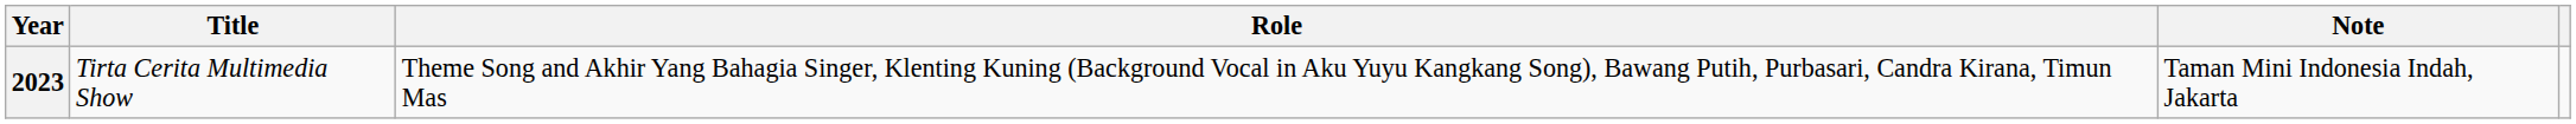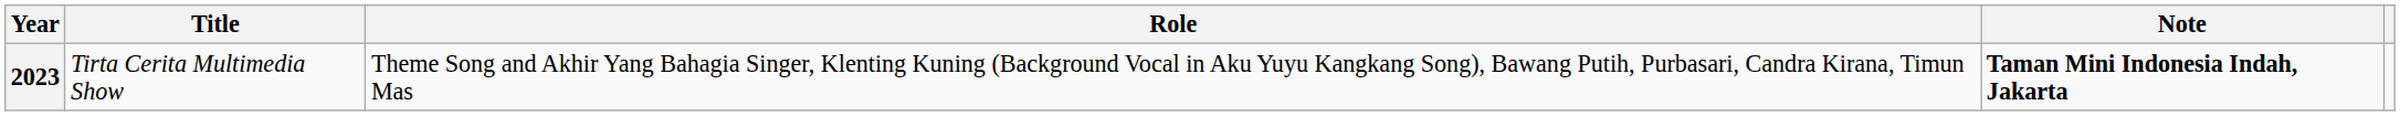 <table class="wikitable plainrowheaders sortable">
 <tr>
 <th>Year</th>
 <th>Title</th>
 <th>Role</th>
 <th scope="col" class="unsortable">Note</th>
 <th></th>
 </tr>
 <tr>
 <th scope="row">2023</th>
 <td><em>Tirta Cerita Multimedia Show</em></td>
 <td>Theme Song and Akhir Yang Bahagia Singer, Klenting Kuning (Background Vocal in Aku Yuyu Kangkang Song), Bawang Putih, Purbasari, Candra Kirana, Timun Mas</td>
-<td>Taman Mini Indonesia Indah, Jakarta</td>
+<td><strong>Taman Mini Indonesia Indah, Jakarta</strong></td>
 </tr>
 </table>
